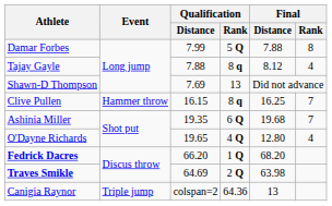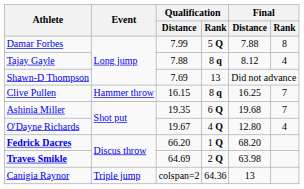 <table class="wikitable" style="font-size:90%">
 <tr>
 <th rowspan=2>Athlete</th>
 <th rowspan=2>Event</th>
 <th colspan=2>Qualification</th>
 <th colspan=2>Final</th>
 </tr>
 <tr style="font-size:95%">
 <th>Distance</th>
 <th>Rank</th>
 <th>Distance</th>
 <th>Rank</th>
 </tr>
 <tr align=center>
 <td align=left><a href='#'>Damar Forbes</a></td>
 <td align=left rowspan=3><a href='#'>Long jump</a></td>
 <td>7.99</td>
 <td>5 <strong>Q</strong></td>
 <td>7.88</td>
 <td>8</td>
 </tr>
 <tr align=center>
 <td align=left><a href='#'>Tajay Gayle</a></td>
 <td>7.88</td>
 <td>8 <strong>q</strong></td>
 <td>8.12</td>
 <td>4</td>
 </tr>
 <tr align=center>
 <td align=left><a href='#'>Shawn-D Thompson</a></td>
 <td>7.69</td>
 <td>13</td>
 <td colspan=2>Did not advance</td>
 </tr>
 <tr align=center>
 <td align=left><a href='#'>Clive Pullen</a></td>
 <td align=left><a href='#'>Hammer throw</a></td>
 <td>16.15</td>
 <td>8 <strong>q</strong></td>
 <td>16.25</td>
 <td>7</td>
 </tr>
 <tr align=center>
 <td align=left><a href='#'>Ashinia Miller</a></td>
 <td align=left rowspan=2><a href='#'>Shot put</a></td>
 <td>19.35</td>
 <td>6 <strong>Q</strong></td>
 <td>19.68</td>
 <td>7</td>
 </tr>
 <tr align=center>
 <td align=left><a href='#'>O'Dayne Richards</a></td>
-<td>19.65</td>
+<td>19.67</td>
 <td>4 <strong>Q</strong></td>
 <td>12.80</td>
 <td>4</td>
 </tr>
 <tr align=center>
 <td align=left><strong><a href='#'>Fedrick Dacres</a></strong></td>
 <td align=left rowspan=2><a href='#'>Discus throw</a></td>
 <td>66.20</td>
 <td>1 <strong>Q</strong></td>
 <td>68.20</td>
 <td></td>
 </tr>
 <tr align=center>
 <td align=left><strong><a href='#'>Traves Smikle</a></strong></td>
 <td>64.69</td>
 <td>2 <strong>Q</strong></td>
 <td>63.98</td>
 <td></td>
 </tr>
 <tr align=center>
 <td align=left><a href='#'>Canigia Raynor</a></td>
 <td align=left><a href='#'>Triple jump</a></td>
 <td>colspan=2 </td>
 <td>64.36</td>
 <td>13</td>
 </tr>
 </table>
